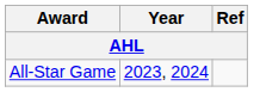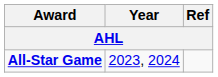 <table class="wikitable">
 <tr>
 <th>Award</th>
 <th>Year</th>
 <th>Ref</th>
 </tr>
 <tr>
 <th colspan="3"><a href='#'>AHL</a></th>
 </tr>
 <tr>
-<td><a href='#'>All-Star Game</a></td>
+<td><strong><a href='#'>All-Star Game</a></strong></td>
 <td><a href='#'>2023</a>, <a href='#'>2024</a></td>
 <td></td>
 </tr>
 </table>
